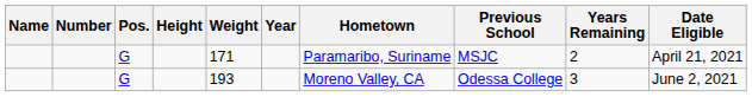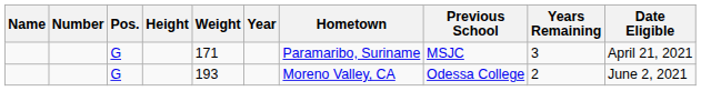 <table class="wikitable sortable" style="font-size:90%;" border="1">
 <tr>
 <th>Name</th>
 <th>Number</th>
 <th>Pos.</th>
 <th>Height</th>
 <th>Weight</th>
 <th>Year</th>
 <th>Hometown</th>
 <th ! class="unsortable">Previous<br>School</th>
 <th ! class="unsortable">Years<br>Remaining</th>
 <th ! class="unsortable">Date<br>Eligible</th>
 </tr>
 <tr>
 <td></td>
 <td></td>
 <td><a href='#'>G</a></td>
 <td></td>
 <td>171</td>
 <td></td>
 <td><a href='#'>Paramaribo, Suriname</a></td>
 <td><a href='#'>MSJC</a></td>
-<td>2</td>
+<td>3</td>
 <td>April 21, 2021</td>
 </tr>
 <tr>
 <td></td>
 <td></td>
 <td><a href='#'>G</a></td>
 <td></td>
 <td>193</td>
 <td></td>
 <td><a href='#'>Moreno Valley, CA</a></td>
 <td><a href='#'>Odessa College</a></td>
-<td>3</td>
+<td>2</td>
 <td>June 2, 2021</td>
 </tr>
 </table>
